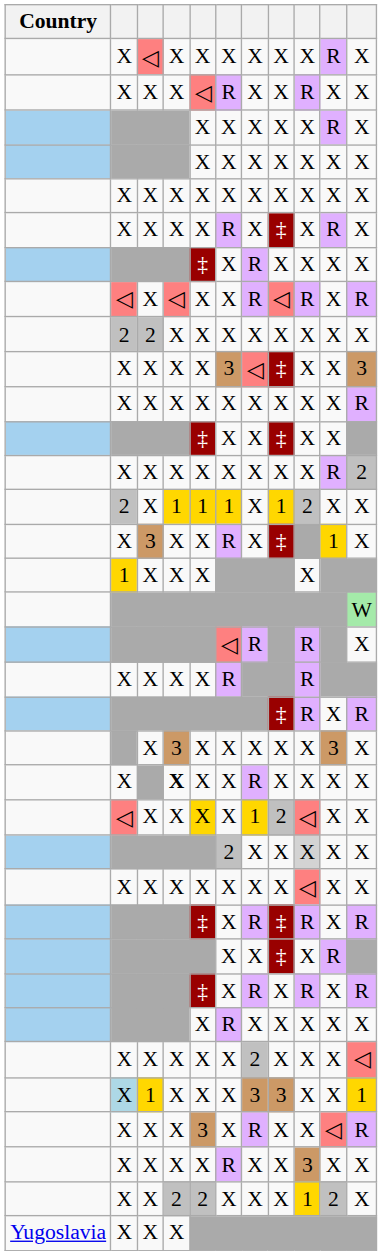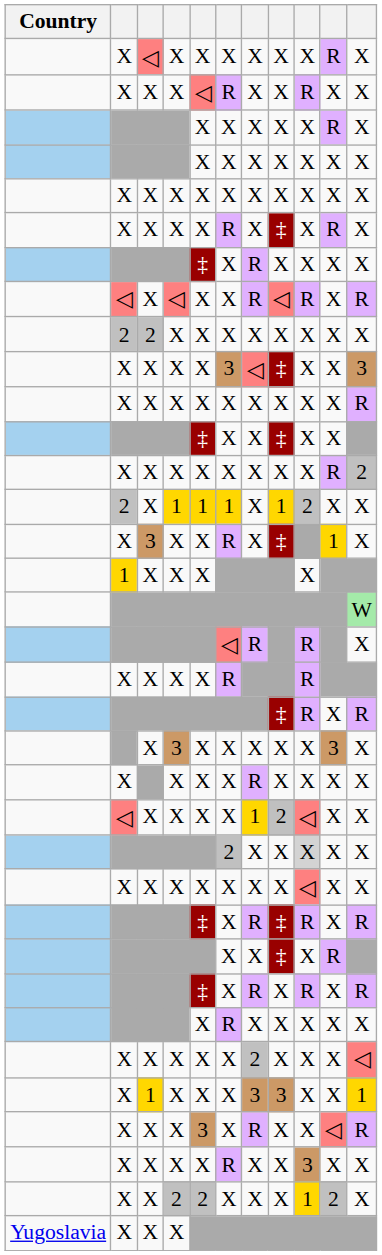 <table class="wikitable collapsible collapsed" style="margin:10px;text-align:center;">
 <tr>
 <th scope="col">Country</th>
 <th scope="col"></th>
 <th scope="col"></th>
 <th scope="col"></th>
 <th scope="col"></th>
 <th scope="col"></th>
 <th scope="col"></th>
 <th scope="col"></th>
 <th scope="col"></th>
 <th scope="col"></th>
 <th scope="col"></th>
 </tr>
 <tr>
 <td align=left></td>
 <td>X</td>
 <td bgcolor="#FE8080">◁</td>
 <td>X</td>
 <td>X</td>
 <td>X</td>
 <td>X</td>
 <td>X</td>
 <td>X</td>
 <td bgcolor="#E0B0FF">R</td>
 <td>X</td>
 </tr>
 <tr>
 <td align=left></td>
 <td>X</td>
 <td>X</td>
 <td>X</td>
 <td bgcolor="#FE8080">◁</td>
 <td bgcolor="#E0B0FF">R</td>
 <td>X</td>
 <td>X</td>
 <td bgcolor="#E0B0FF">R</td>
 <td>X</td>
 <td>X</td>
 </tr>
 <tr>
 <td bgcolor="#A4D1EF" align=left>  </td>
 <td bgcolor="#AAA" colspan=3></td>
 <td>X</td>
 <td>X</td>
 <td>X</td>
 <td>X</td>
 <td>X</td>
 <td bgcolor="#E0B0FF">R</td>
 <td>X</td>
 </tr>
 <tr>
 <td bgcolor="#A4D1EF" align=left> </td>
 <td bgcolor="#AAA" colspan=3></td>
 <td>X</td>
 <td>X</td>
 <td>X</td>
 <td>X</td>
 <td>X</td>
 <td>X</td>
 <td>X</td>
 </tr>
 <tr>
 <td align=left></td>
 <td>X</td>
 <td>X</td>
 <td>X</td>
 <td>X</td>
 <td>X</td>
 <td>X</td>
 <td>X</td>
 <td>X</td>
 <td>X</td>
 <td>X</td>
 </tr>
 <tr>
 <td align=left></td>
 <td>X</td>
 <td>X</td>
 <td>X</td>
 <td>X</td>
 <td bgcolor="#E0B0FF">R</td>
 <td>X</td>
 <td style="background:#900;color:white;">‡</td>
 <td>X</td>
 <td bgcolor="#E0B0FF">R</td>
 <td>X</td>
 </tr>
 <tr>
 <td bgcolor="#A4D1EF" align=left> </td>
 <td bgcolor="#AAA" colspan=3></td>
 <td style="background:#900;color:white;">‡</td>
 <td>X</td>
 <td bgcolor="#E0B0FF">R</td>
 <td>X</td>
 <td>X</td>
 <td>X</td>
 <td>X</td>
 </tr>
 <tr>
 <td align=left></td>
 <td bgcolor="#FE8080">◁</td>
 <td>X</td>
 <td bgcolor="#FE8080">◁</td>
 <td>X</td>
 <td>X</td>
 <td bgcolor="#E0B0FF">R</td>
 <td bgcolor="#FE8080">◁</td>
 <td bgcolor="#E0B0FF">R</td>
 <td>X</td>
 <td bgcolor="#E0B0FF">R</td>
 </tr>
 <tr>
 <td align=left></td>
 <td style="background:silver">2</td>
 <td style="background:silver">2</td>
 <td>X</td>
 <td>X</td>
 <td>X</td>
 <td>X</td>
 <td>X</td>
 <td>X</td>
 <td>X</td>
 <td>X</td>
 </tr>
 <tr>
 <td align=left></td>
 <td>X</td>
 <td>X</td>
 <td>X</td>
 <td>X</td>
 <td style="background:#C96;">3</td>
 <td bgcolor="#FE8080">◁</td>
 <td style="background:#900;color:white;">‡</td>
 <td>X</td>
 <td>X</td>
 <td style="background:#C96;">3</td>
 </tr>
 <tr>
 <td align=left></td>
 <td>X</td>
 <td>X</td>
 <td>X</td>
 <td>X</td>
 <td>X</td>
 <td>X</td>
 <td>X</td>
 <td>X</td>
 <td>X</td>
 <td bgcolor="#E0B0FF">R</td>
 </tr>
 <tr>
 <td bgcolor="#A4D1EF" align=left> </td>
 <td bgcolor="#AAA" colspan=3></td>
 <td style="background:#900;color:white;">‡</td>
 <td>X</td>
 <td>X</td>
 <td style="background:#900;color:white;">‡</td>
 <td>X</td>
 <td>X</td>
 <td bgcolor="#AAA"></td>
 </tr>
 <tr>
 <td align=left></td>
 <td>X</td>
 <td>X</td>
 <td>X</td>
 <td>X</td>
 <td>X</td>
 <td>X</td>
 <td>X</td>
 <td>X</td>
 <td bgcolor="#E0B0FF">R</td>
 <td style="background:silver">2</td>
 </tr>
 <tr>
 <td align=left></td>
 <td style="background:silver">2</td>
 <td>X</td>
 <td style="background:gold">1</td>
 <td style="background:gold">1</td>
 <td style="background:gold">1</td>
 <td>X</td>
 <td style="background:gold">1</td>
 <td style="background:silver">2</td>
 <td>X</td>
 <td>X</td>
 </tr>
 <tr>
 <td align=left></td>
 <td>X</td>
 <td style="background:#C96;">3</td>
 <td>X</td>
 <td>X</td>
 <td bgcolor="#E0B0FF">R</td>
 <td>X</td>
 <td style="background:#900;color:white;">‡</td>
 <td bgcolor="#AAA"></td>
 <td style="background:gold">1</td>
 <td>X</td>
 </tr>
 <tr>
 <td align=left></td>
 <td style="background:gold">1</td>
 <td>X</td>
 <td>X</td>
 <td>X</td>
 <td bgcolor="#AAA" colspan=3></td>
 <td>X</td>
 <td bgcolor="#AAA" colspan=2></td>
 </tr>
 <tr>
 <td align=left></td>
 <td bgcolor="#AAA" colspan=9></td>
 <td style="background:#A4EAA9;">W</td>
 </tr>
 <tr>
 <td bgcolor="#A4D1EF" align=left> </td>
 <td bgcolor="#AAA" colspan=4></td>
 <td bgcolor="#FE8080">◁</td>
 <td bgcolor="#E0B0FF">R</td>
 <td bgcolor="#AAA"></td>
 <td bgcolor="#E0B0FF">R</td>
 <td bgcolor="#AAA"></td>
 <td>X</td>
 </tr>
 <tr>
 <td align=left></td>
 <td>X</td>
 <td>X</td>
 <td>X</td>
 <td>X</td>
 <td bgcolor="#E0B0FF">R</td>
 <td bgcolor="#AAA" colspan=2></td>
 <td bgcolor="#E0B0FF">R</td>
 <td bgcolor="#AAA" colspan=8></td>
 </tr>
 <tr>
 <td bgcolor="#A4D1EF" align=left> </td>
 <td bgcolor="#AAA" colspan=6></td>
 <td style="background:#900;color:white;">‡</td>
 <td bgcolor="#E0B0FF">R</td>
 <td>X</td>
 <td bgcolor="#E0B0FF">R</td>
 </tr>
 <tr>
 <td align=left></td>
 <td bgcolor="#AAA"></td>
 <td>X</td>
 <td style="background:#C96;">3</td>
 <td>X</td>
 <td>X</td>
 <td>X</td>
 <td>X</td>
 <td>X</td>
 <td style="background:#C96;">3</td>
 <td>X</td>
 </tr>
 <tr>
 <td align=left></td>
 <td>X</td>
 <td bgcolor="#AAA"></td>
-<td><strong>X</strong></td>
+<td>X</td>
 <td>X</td>
 <td>X</td>
 <td bgcolor="#E0B0FF">R</td>
 <td>X</td>
 <td>X</td>
 <td>X</td>
 <td>X</td>
 </tr>
 <tr>
 <td align=left></td>
 <td bgcolor="#FE8080">◁</td>
 <td>X</td>
 <td>X</td>
-<td style="background: gold;">X</td>
+<td>X</td>
 <td>X</td>
 <td style="background:gold">1</td>
 <td style="background:silver">2</td>
 <td bgcolor="#FE8080">◁</td>
 <td>X</td>
 <td>X</td>
 </tr>
 <tr>
 <td bgcolor="#A4D1EF" align=left> </td>
 <td bgcolor="#AAA" colspan=4></td>
 <td style="background:silver">2</td>
 <td>X</td>
 <td>X</td>
 <td style="background: lightgrey;">X</td>
 <td>X</td>
 <td>X</td>
 </tr>
 <tr>
 <td align=left></td>
 <td>X</td>
 <td>X</td>
 <td>X</td>
 <td>X</td>
 <td>X</td>
 <td>X</td>
 <td>X</td>
 <td bgcolor="#FE8080">◁</td>
 <td>X</td>
 <td>X</td>
 </tr>
 <tr>
 <td bgcolor="#A4D1EF" align=left> </td>
 <td bgcolor="#AAA" colspan=3></td>
 <td style="background:#900;color:white;">‡</td>
 <td>X</td>
 <td bgcolor="#E0B0FF">R</td>
 <td style="background:#900;color:white;">‡</td>
 <td bgcolor="#E0B0FF">R</td>
 <td>X</td>
 <td bgcolor="#E0B0FF">R</td>
 </tr>
 <tr>
 <td bgcolor="#A4D1EF" align=left> </td>
 <td bgcolor="#AAA" colspan=4></td>
 <td>X</td>
 <td>X</td>
 <td style="background:#900;color:white;">‡</td>
 <td>X</td>
 <td bgcolor="#E0B0FF">R</td>
 <td bgcolor="#AAA"></td>
 </tr>
 <tr>
 <td bgcolor="#A4D1EF" align=left> </td>
 <td bgcolor="#AAA" colspan=3></td>
 <td style="background:#900;color:white;">‡</td>
 <td>X</td>
 <td bgcolor="#E0B0FF">R</td>
 <td>X</td>
 <td bgcolor="#E0B0FF">R</td>
 <td>X</td>
 <td bgcolor="#E0B0FF">R</td>
 </tr>
 <tr>
 <td bgcolor="#A4D1EF" align=left> </td>
 <td bgcolor="#AAA" colspan=3></td>
 <td>X</td>
 <td bgcolor="#E0B0FF">R</td>
 <td>X</td>
 <td>X</td>
 <td>X</td>
 <td>X</td>
 <td>X</td>
 </tr>
 <tr>
 <td align=left></td>
 <td>X</td>
 <td>X</td>
 <td>X</td>
 <td>X</td>
 <td>X</td>
 <td style="background:silver">2</td>
 <td>X</td>
 <td>X</td>
 <td>X</td>
 <td bgcolor="#FE8080">◁</td>
 </tr>
 <tr>
 <td align=left></td>
-<td style="background: lightblue;">X</td>
+<td>X</td>
 <td style="background:gold">1</td>
 <td>X</td>
 <td>X</td>
 <td>X</td>
 <td style="background:#C96;">3</td>
 <td style="background:#C96;">3</td>
 <td>X</td>
 <td>X</td>
 <td style="background:gold">1</td>
 </tr>
 <tr>
 <td align=left></td>
 <td>X</td>
 <td>X</td>
 <td>X</td>
 <td style="background:#C96;">3</td>
 <td>X</td>
 <td bgcolor="#E0B0FF">R</td>
 <td>X</td>
 <td>X</td>
 <td bgcolor="#FE8080">◁</td>
 <td bgcolor="#E0B0FF">R</td>
 </tr>
 <tr>
 <td align=left></td>
 <td>X</td>
 <td>X</td>
 <td>X</td>
 <td>X</td>
 <td bgcolor="#E0B0FF">R</td>
 <td>X</td>
 <td>X</td>
 <td style="background:#C96;">3</td>
 <td>X</td>
 <td>X</td>
 </tr>
 <tr>
 <td align=left></td>
 <td>X</td>
 <td>X</td>
 <td style="background:silver">2</td>
 <td style="background:silver">2</td>
 <td>X</td>
 <td>X</td>
 <td>X</td>
 <td style="background:gold">1</td>
 <td style="background:silver">2</td>
 <td>X</td>
 </tr>
 <tr>
 <td align=left>  <a href='#'>Yugoslavia</a></td>
 <td>X</td>
 <td>X</td>
 <td>X</td>
 <td bgcolor="#AAA" colspan=7></td>
 </tr>
 </table>
